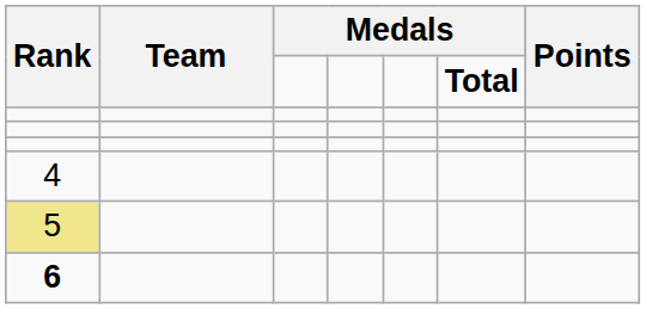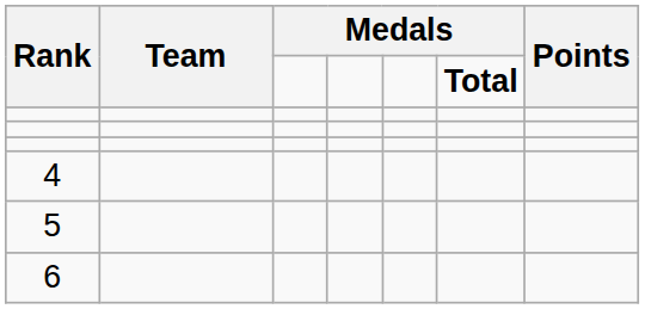 <table class="wikitable">
 <tr>
 <th rowspan=2>Rank</th>
 <th style="width:80px;" rowspan="2">Team</th>
 <th colspan=4>Medals</th>
 <th rowspan=2>Points</th>
 </tr>
 <tr>
 <td style="width:20px; text-align:center;"></td>
 <td style="width:20px; text-align:center;"></td>
 <td style="width:20px; text-align:center;"></td>
 <td><strong>Total</strong></td>
 </tr>
 <tr>
 <td align=center></td>
 <td></td>
 <td align=center></td>
 <td align=center></td>
 <td align=center></td>
 <td align=center></td>
 <td align=center></td>
 </tr>
 <tr>
 <td align=center></td>
 <td></td>
 <td align=center></td>
 <td align=center></td>
 <td align=center></td>
 <td align=center></td>
 <td align=center></td>
 </tr>
 <tr>
 <td align=center></td>
 <td><strong></strong></td>
 <td align=center></td>
 <td align=center></td>
 <td align=center></td>
 <td align=center></td>
 <td align=center></td>
 </tr>
 <tr>
 <td align=center>4</td>
 <td></td>
 <td align=center></td>
 <td align=center></td>
 <td align=center></td>
 <td align=center></td>
 <td align=center></td>
 </tr>
 <tr>
-<td align=center style="background: khaki;">5</td>
+<td align=center>5</td>
 <td></td>
 <td align=center></td>
 <td align=center></td>
 <td align=center></td>
 <td align=center></td>
 <td align=center></td>
 </tr>
 <tr>
-<td align=center><strong>6</strong></td>
+<td align=center>6</td>
 <td></td>
 <td align=center></td>
 <td align=center></td>
 <td align=center></td>
 <td align=center></td>
 <td align=center></td>
 </tr>
 </table>
